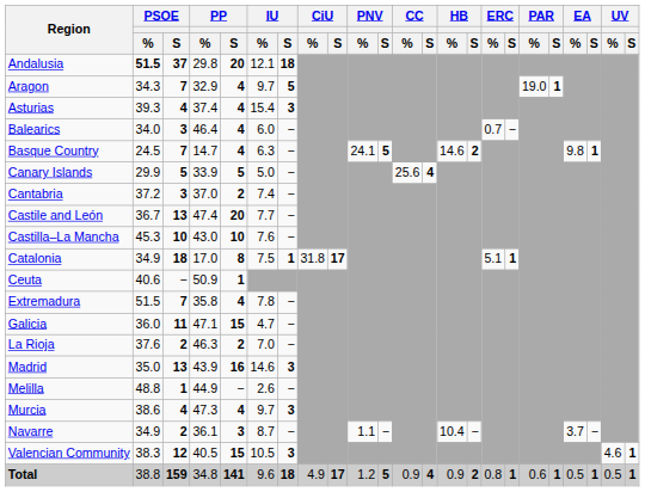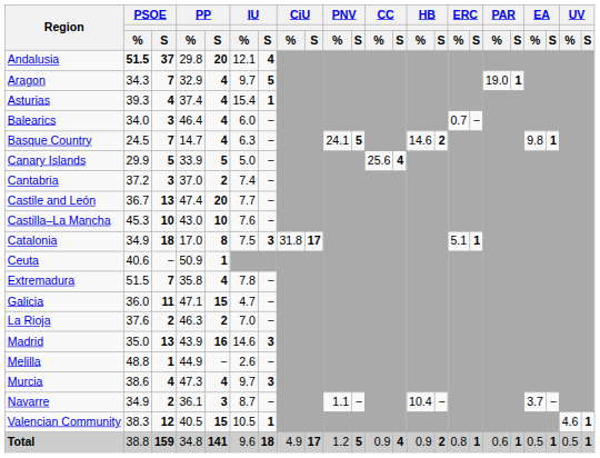 <table class="wikitable sortable" style="text-align:right; line-height:20px;">
 <tr>
 <th rowspan="3">Region</th>
 <th colspan="2" width="30px" class="unsortable"><a href='#'>PSOE</a></th>
 <th colspan="2" width="30px" class="unsortable"><a href='#'>PP</a></th>
 <th colspan="2" width="30px" class="unsortable"><a href='#'>IU</a></th>
 <th colspan="2" width="30px" class="unsortable"><a href='#'>CiU</a></th>
 <th colspan="2" width="30px" class="unsortable"><a href='#'>PNV</a></th>
 <th colspan="2" width="30px" class="unsortable"><a href='#'>CC</a></th>
 <th colspan="2" width="30px" class="unsortable"><a href='#'>HB</a></th>
 <th colspan="2" width="30px" class="unsortable"><a href='#'>ERC</a></th>
 <th colspan="2" width="30px" class="unsortable"><a href='#'>PAR</a></th>
 <th colspan="2" width="30px" class="unsortable"><a href='#'>EA</a></th>
 <th colspan="2" width="30px" class="unsortable"><a href='#'>UV</a></th>
 </tr>
 <tr>
 <th colspan="2" style="background:"></th>
 <th colspan="2" style="background:"></th>
 <th colspan="2" style="background:"></th>
 <th colspan="2" style="background:"></th>
 <th colspan="2" style="background:"></th>
 <th colspan="2" style="background:"></th>
 <th colspan="2" style="background:"></th>
 <th colspan="2" style="background:"></th>
 <th colspan="2" style="background:"></th>
 <th colspan="2" style="background:"></th>
 <th colspan="2" style="background:"></th>
 </tr>
 <tr>
 <th data-sort-type="number">%</th>
 <th data-sort-type="number">S</th>
 <th data-sort-type="number">%</th>
 <th data-sort-type="number">S</th>
 <th data-sort-type="number">%</th>
 <th data-sort-type="number">S</th>
 <th data-sort-type="number">%</th>
 <th data-sort-type="number">S</th>
 <th data-sort-type="number">%</th>
 <th data-sort-type="number">S</th>
 <th data-sort-type="number">%</th>
 <th data-sort-type="number">S</th>
 <th data-sort-type="number">%</th>
 <th data-sort-type="number">S</th>
 <th data-sort-type="number">%</th>
 <th data-sort-type="number">S</th>
 <th data-sort-type="number">%</th>
 <th data-sort-type="number">S</th>
 <th data-sort-type="number">%</th>
 <th data-sort-type="number">S</th>
 <th data-sort-type="number">%</th>
 <th data-sort-type="number">S</th>
 </tr>
 <tr>
 <td align="left"><a href='#'>Andalusia</a></td>
 <td style="background:"><strong>51.5</strong></td>
 <td><strong>37</strong></td>
 <td>29.8</td>
 <td><strong>20</strong></td>
 <td>12.1</td>
-<td><strong>18</strong></td>
+<td><strong>4</strong></td>
 <td colspan="2" rowspan="9" bgcolor="#AAAAAA"></td>
 <td colspan="2" rowspan="4" bgcolor="#AAAAAA"></td>
 <td colspan="2" rowspan="5" bgcolor="#AAAAAA"></td>
 <td colspan="2" rowspan="4" bgcolor="#AAAAAA"></td>
 <td colspan="2" rowspan="3" bgcolor="#AAAAAA"></td>
 <td colspan="2" bgcolor="#AAAAAA"></td>
 <td colspan="2" rowspan="4" bgcolor="#AAAAAA"></td>
 <td colspan="2" rowspan="18" bgcolor="#AAAAAA"></td>
 </tr>
 <tr>
 <td align="left"><a href='#'>Aragon</a></td>
 <td style="background:">34.3</td>
 <td><strong>7</strong></td>
 <td>32.9</td>
 <td><strong>4</strong></td>
 <td>9.7</td>
 <td><strong>5</strong></td>
 <td>19.0</td>
 <td><strong>1</strong></td>
 </tr>
 <tr>
 <td align="left"><a href='#'>Asturias</a></td>
 <td style="background:">39.3</td>
 <td><strong>4</strong></td>
 <td>37.4</td>
 <td><strong>4</strong></td>
 <td>15.4</td>
-<td><strong>3</strong></td>
+<td><strong>1</strong></td>
 <td colspan="2" rowspan="17" bgcolor="#AAAAAA"></td>
 </tr>
 <tr>
 <td align="left"><a href='#'>Balearics</a></td>
 <td>34.0</td>
 <td><strong>3</strong></td>
 <td style="background:">46.4</td>
 <td><strong>4</strong></td>
 <td>6.0</td>
 <td>−</td>
 <td>0.7</td>
 <td>−</td>
 </tr>
 <tr>
 <td align="left"><a href='#'>Basque Country</a></td>
 <td style="background:">24.5</td>
 <td><strong>7</strong></td>
 <td>14.7</td>
 <td><strong>4</strong></td>
 <td>6.3</td>
 <td>−</td>
 <td>24.1</td>
 <td><strong>5</strong></td>
 <td>14.6</td>
 <td><strong>2</strong></td>
 <td colspan="2" rowspan="5" bgcolor="#AAAAAA"></td>
 <td>9.8</td>
 <td><strong>1</strong></td>
 </tr>
 <tr>
 <td align="left"><a href='#'>Canary Islands</a></td>
 <td>29.9</td>
 <td><strong>5</strong></td>
 <td style="background:">33.9</td>
 <td><strong>5</strong></td>
 <td>5.0</td>
 <td>−</td>
 <td colspan="2" rowspan="12" bgcolor="#AAAAAA"></td>
 <td>25.6</td>
 <td><strong>4</strong></td>
 <td colspan="2" rowspan="12" bgcolor="#AAAAAA"></td>
 <td colspan="2" rowspan="12" bgcolor="#AAAAAA"></td>
 </tr>
 <tr>
 <td align="left"><a href='#'>Cantabria</a></td>
 <td style="background:">37.2</td>
 <td><strong>3</strong></td>
 <td>37.0</td>
 <td><strong>2</strong></td>
 <td>7.4</td>
 <td>−</td>
 <td colspan="2" rowspan="13" bgcolor="#AAAAAA"></td>
 </tr>
 <tr>
 <td align="left"><a href='#'>Castile and León</a></td>
 <td>36.7</td>
 <td><strong>13</strong></td>
 <td style="background:">47.4</td>
 <td><strong>20</strong></td>
 <td>7.7</td>
 <td>−</td>
 </tr>
 <tr>
 <td align="left"><a href='#'>Castilla–La Mancha</a></td>
 <td style="background:">45.3</td>
 <td><strong>10</strong></td>
 <td>43.0</td>
 <td><strong>10</strong></td>
 <td>7.6</td>
 <td>−</td>
 </tr>
 <tr>
 <td align="left"><a href='#'>Catalonia</a></td>
 <td style="background:">34.9</td>
 <td><strong>18</strong></td>
 <td>17.0</td>
 <td><strong>8</strong></td>
 <td>7.5</td>
-<td><strong>1</strong></td>
+<td><strong>3</strong></td>
 <td>31.8</td>
 <td><strong>17</strong></td>
 <td>5.1</td>
 <td><strong>1</strong></td>
 </tr>
 <tr>
 <td align="left"><a href='#'>Ceuta</a></td>
 <td>40.6</td>
 <td>−</td>
 <td style="background:">50.9</td>
 <td><strong>1</strong></td>
 <td colspan="2" bgcolor="#AAAAAA"></td>
 <td colspan="2" rowspan="9" bgcolor="#AAAAAA"></td>
 <td colspan="2" rowspan="9" bgcolor="#AAAAAA"></td>
 </tr>
 <tr>
 <td align="left"><a href='#'>Extremadura</a></td>
 <td style="background:">51.5</td>
 <td><strong>7</strong></td>
 <td>35.8</td>
 <td><strong>4</strong></td>
 <td>7.8</td>
 <td>−</td>
 </tr>
 <tr>
 <td align="left"><a href='#'>Galicia</a></td>
 <td>36.0</td>
 <td><strong>11</strong></td>
 <td style="background:">47.1</td>
 <td><strong>15</strong></td>
 <td>4.7</td>
 <td>−</td>
 </tr>
 <tr>
 <td align="left"><a href='#'>La Rioja</a></td>
 <td>37.6</td>
 <td><strong>2</strong></td>
 <td style="background:">46.3</td>
 <td><strong>2</strong></td>
 <td>7.0</td>
 <td>−</td>
 </tr>
 <tr>
 <td align="left"><a href='#'>Madrid</a></td>
 <td>35.0</td>
 <td><strong>13</strong></td>
 <td style="background:">43.9</td>
 <td><strong>16</strong></td>
 <td>14.6</td>
 <td><strong>3</strong></td>
 </tr>
 <tr>
 <td align="left"><a href='#'>Melilla</a></td>
 <td style="background:">48.8</td>
 <td><strong>1</strong></td>
 <td>44.9</td>
 <td>−</td>
 <td>2.6</td>
 <td>−</td>
 </tr>
 <tr>
 <td align="left"><a href='#'>Murcia</a></td>
 <td>38.6</td>
 <td><strong>4</strong></td>
 <td style="background:">47.3</td>
 <td><strong>4</strong></td>
 <td>9.7</td>
 <td><strong>3</strong></td>
 </tr>
 <tr>
 <td align="left"><a href='#'>Navarre</a></td>
 <td>34.9</td>
 <td><strong>2</strong></td>
 <td style="background:">36.1</td>
 <td><strong>3</strong></td>
 <td>8.7</td>
 <td>−</td>
 <td>1.1</td>
 <td>−</td>
 <td>10.4</td>
 <td>−</td>
 <td>3.7</td>
 <td>−</td>
 </tr>
 <tr>
 <td align="left"><a href='#'>Valencian Community</a></td>
 <td>38.3</td>
 <td><strong>12</strong></td>
 <td style="background:">40.5</td>
 <td><strong>15</strong></td>
 <td>10.5</td>
-<td><strong>3</strong></td>
+<td><strong>1</strong></td>
 <td colspan="2" bgcolor="#AAAAAA"></td>
 <td colspan="2" bgcolor="#AAAAAA"></td>
 <td colspan="2" bgcolor="#AAAAAA"></td>
 <td>4.6</td>
 <td><strong>1</strong></td>
 </tr>
 <tr style="background:#CDCDCD;">
 <td align="left"><strong>Total</strong></td>
 <td style="background:">38.8</td>
 <td><strong>159</strong></td>
 <td>34.8</td>
 <td><strong>141</strong></td>
 <td>9.6</td>
 <td><strong>18</strong></td>
 <td>4.9</td>
 <td><strong>17</strong></td>
 <td>1.2</td>
 <td><strong>5</strong></td>
 <td>0.9</td>
 <td><strong>4</strong></td>
 <td>0.9</td>
 <td><strong>2</strong></td>
 <td>0.8</td>
 <td><strong>1</strong></td>
 <td>0.6</td>
 <td><strong>1</strong></td>
 <td>0.5</td>
 <td><strong>1</strong></td>
 <td>0.5</td>
 <td><strong>1</strong></td>
 </tr>
 </table>
